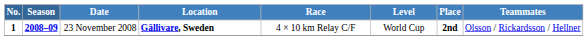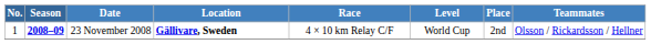 <table class="wikitable sortable" style="font-size:95%; text-align:center; border:grey solid 1px; border-collapse:collapse; background:#ffffff;">
 <tr style="background:#efefef;">
 <th style="background-color:#369; color:white;">No.</th>
 <th style="background-color:#369; color:white;">Season</th>
 <th style="background-color:#4180be; color:white; width:120px;">Date</th>
 <th style="background-color:#4180be; color:white; width:190px;">Location</th>
 <th style="background-color:#4180be; color:white; width:170px;">Race</th>
 <th style="background-color:#4180be; color:white; width:100px;">Level</th>
 <th style="background-color:#4180be; color:white;">Place</th>
 <th style="background-color:#4180be; color:white;">Teammates</th>
 </tr>
 <tr>
-<td align=center><strong>1</strong></td>
+<td align=center>1</td>
 <td rowspan=1 align=center><strong><a href='#'>2008–09</a></strong></td>
 <td align=right>23 November 2008</td>
 <td align=left><strong> <a href='#'>Gällivare</a>, Sweden</strong></td>
 <td>4 × 10 km Relay C/F</td>
 <td>World Cup</td>
-<td><strong>2nd</strong></td>
+<td>2nd</td>
 <td><a href='#'>Olsson</a> / <a href='#'>Rickardsson</a> / <a href='#'>Hellner</a></td>
 </tr>
 <tr>
 </tr>
 </table>
